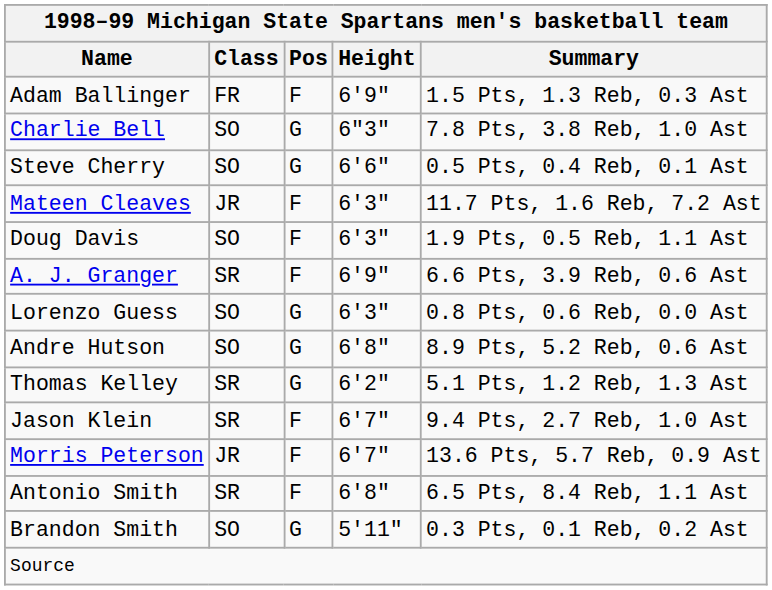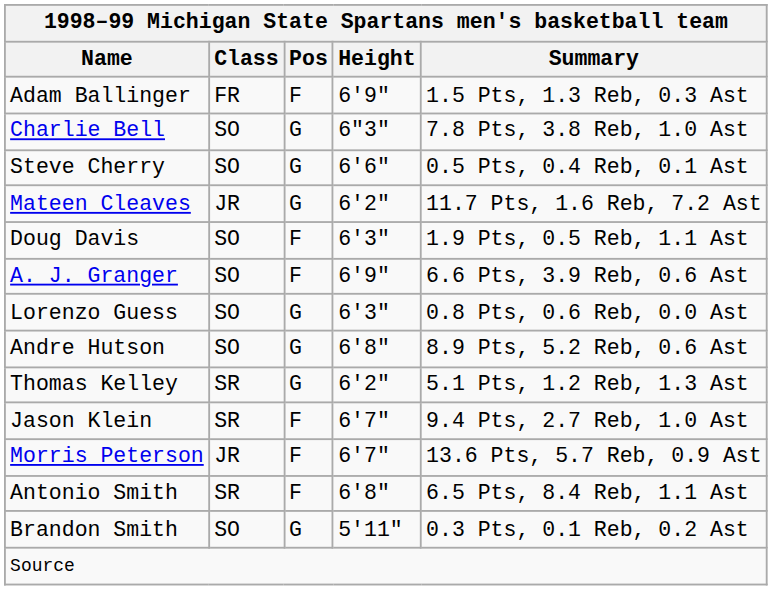 <table class="wikitable" style="font-size: 90%"|->
 <tr>
 <th colspan=9 style="background:#">1998–99 Michigan State Spartans men's basketball team</th>
 </tr>
 <tr>
 <th style="background:#">Name</th>
 <th style="background:#">Class</th>
 <th style="background:#">Pos</th>
 <th style="background:#">Height</th>
 <th style="background:#">Summary</th>
 </tr>
 <tr>
 <td>Adam Ballinger</td>
 <td>FR</td>
 <td>F</td>
 <td>6'9"</td>
 <td>1.5 Pts, 1.3 Reb, 0.3 Ast</td>
 </tr>
 <tr>
 <td><a href='#'>Charlie Bell</a></td>
 <td>SO</td>
 <td>G</td>
 <td>6"3"</td>
 <td>7.8 Pts, 3.8 Reb, 1.0 Ast</td>
 </tr>
 <tr>
 <td>Steve Cherry</td>
 <td>SO</td>
 <td>G</td>
 <td>6'6"</td>
 <td>0.5 Pts, 0.4 Reb, 0.1 Ast</td>
 </tr>
 <tr>
 <td><a href='#'>Mateen Cleaves</a></td>
 <td>JR</td>
-<td>F</td>
-<td>6'3"</td>
+<td>G</td>
+<td>6'2"</td>
 <td>11.7 Pts, 1.6 Reb, 7.2 Ast</td>
 </tr>
 <tr>
 <td>Doug Davis</td>
 <td>SO</td>
 <td>F</td>
 <td>6'3"</td>
 <td>1.9 Pts, 0.5 Reb, 1.1 Ast</td>
 </tr>
 <tr>
 <td><a href='#'>A. J. Granger</a></td>
-<td>SR</td>
+<td>SO</td>
 <td>F</td>
 <td>6'9"</td>
 <td>6.6 Pts, 3.9 Reb, 0.6 Ast</td>
 </tr>
 <tr>
 <td>Lorenzo Guess</td>
 <td>SO</td>
 <td>G</td>
 <td>6'3"</td>
 <td>0.8 Pts, 0.6 Reb, 0.0 Ast</td>
 </tr>
 <tr>
 <td>Andre Hutson</td>
 <td>SO</td>
 <td>G</td>
 <td>6'8"</td>
 <td>8.9 Pts, 5.2 Reb, 0.6 Ast</td>
 </tr>
 <tr>
 <td>Thomas Kelley</td>
 <td>SR</td>
 <td>G</td>
 <td>6'2"</td>
 <td>5.1 Pts, 1.2 Reb, 1.3 Ast</td>
 </tr>
 <tr>
 <td>Jason Klein</td>
 <td>SR</td>
 <td>F</td>
 <td>6'7"</td>
 <td>9.4 Pts, 2.7 Reb, 1.0 Ast</td>
 </tr>
 <tr>
 <td><a href='#'>Morris Peterson</a></td>
 <td>JR</td>
 <td>F</td>
 <td>6'7"</td>
 <td>13.6 Pts, 5.7 Reb, 0.9 Ast</td>
 </tr>
 <tr>
 <td>Antonio Smith</td>
 <td>SR</td>
 <td>F</td>
 <td>6'8"</td>
 <td>6.5 Pts, 8.4 Reb, 1.1 Ast</td>
 </tr>
 <tr>
 <td>Brandon Smith</td>
 <td>SO</td>
 <td>G</td>
 <td>5'11"</td>
 <td>0.3 Pts, 0.1 Reb, 0.2 Ast</td>
 </tr>
 <tr>
 <td colspan=9><small>Source</small></td>
 </tr>
 </table>
